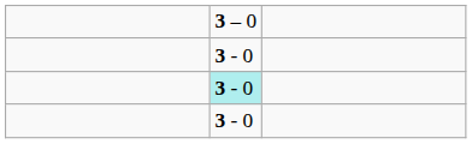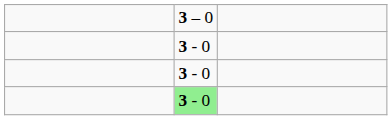 <table class="wikitable">
 <tr>
 <td width=150></td>
 <td><strong>3</strong> – 0</td>
 <td width=150></td>
 </tr>
 <tr>
 <td></td>
 <td><strong>3</strong> - 0</td>
 <td></td>
 </tr>
 <tr>
 <td></td>
-<td style="background: paleturquoise;"><strong>3</strong> - 0</td>
+<td><strong>3</strong> - 0</td>
 <td></td>
 </tr>
 <tr>
 <td></td>
-<td><strong>3</strong> - 0</td>
+<td style="background: lightgreen;"><strong>3</strong> - 0</td>
 <td></td>
 </tr>
 </table>
